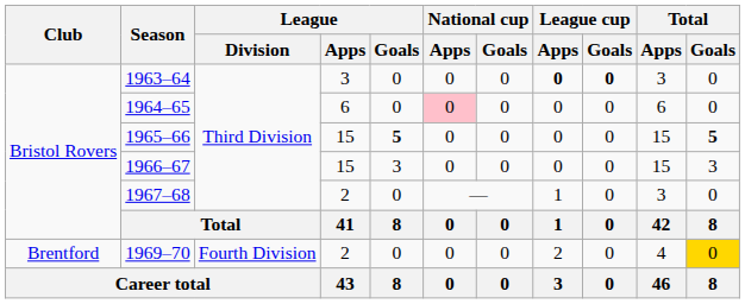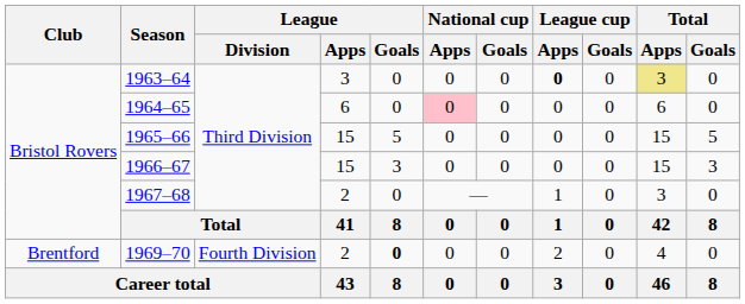 <table class="wikitable" style="text-align: center;">
 <tr>
 <th rowspan="2">Club</th>
 <th rowspan="2">Season</th>
 <th colspan="3">League</th>
 <th colspan="2">National cup</th>
 <th colspan="2">League cup</th>
 <th colspan="2">Total</th>
 </tr>
 <tr>
 <th>Division</th>
 <th>Apps</th>
 <th>Goals</th>
 <th>Apps</th>
 <th>Goals</th>
 <th>Apps</th>
 <th>Goals</th>
 <th>Apps</th>
 <th>Goals</th>
 </tr>
 <tr>
 <td rowspan="6"><a href='#'>Bristol Rovers</a></td>
 <td><a href='#'>1963–64</a></td>
 <td rowspan="5"><a href='#'>Third Division</a></td>
 <td>3</td>
 <td>0</td>
 <td>0</td>
 <td>0</td>
 <td><strong>0</strong></td>
-<td><strong>0</strong></td>
-<td>3</td>
+<td>0</td>
+<td style="background: khaki;">3</td>
 <td>0</td>
 </tr>
 <tr>
 <td><a href='#'>1964–65</a></td>
 <td>6</td>
 <td>0</td>
 <td style="background: pink;">0</td>
 <td>0</td>
 <td>0</td>
 <td>0</td>
 <td>6</td>
 <td>0</td>
 </tr>
 <tr>
 <td><a href='#'>1965–66</a></td>
 <td>15</td>
-<td><strong>5</strong></td>
+<td>5</td>
 <td>0</td>
 <td>0</td>
 <td>0</td>
 <td>0</td>
 <td>15</td>
-<td><strong>5</strong></td>
+<td>5</td>
 </tr>
 <tr>
 <td><a href='#'>1966–67</a></td>
 <td>15</td>
 <td>3</td>
 <td>0</td>
 <td>0</td>
 <td>0</td>
 <td>0</td>
 <td>15</td>
 <td>3</td>
 </tr>
 <tr>
 <td><a href='#'>1967–68</a></td>
 <td>2</td>
 <td>0</td>
 <td colspan="2">―</td>
 <td>1</td>
 <td>0</td>
 <td>3</td>
 <td>0</td>
 </tr>
 <tr>
 <th colspan="2">Total</th>
 <th>41</th>
 <th>8</th>
 <th>0</th>
 <th>0</th>
 <th>1</th>
 <th>0</th>
 <th>42</th>
 <th>8</th>
 </tr>
 <tr>
 <td><a href='#'>Brentford</a></td>
 <td><a href='#'>1969–70</a></td>
 <td><a href='#'>Fourth Division</a></td>
 <td>2</td>
-<td>0</td>
+<td><strong>0</strong></td>
 <td>0</td>
 <td>0</td>
 <td>2</td>
 <td>0</td>
 <td>4</td>
-<td style="background: gold;">0</td>
+<td>0</td>
 </tr>
 <tr>
 <th colspan="3">Career total</th>
 <th>43</th>
 <th>8</th>
 <th>0</th>
 <th>0</th>
 <th>3</th>
 <th>0</th>
 <th>46</th>
 <th>8</th>
 </tr>
 </table>
